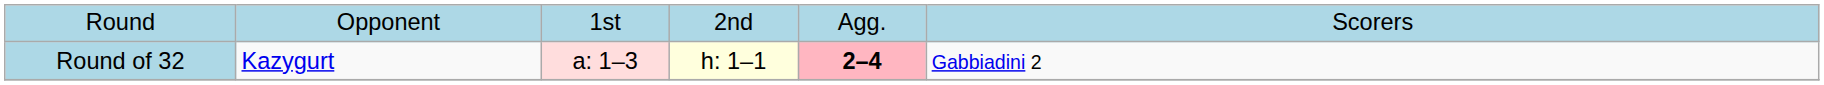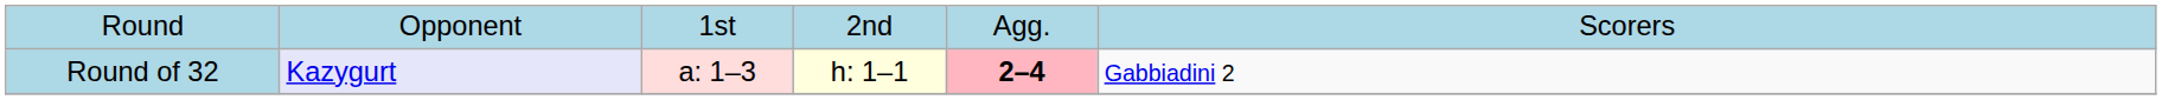 <table class="wikitable" style="text-align:center">
 <tr bgcolor=lightblue>
 <td width=150px>Round</td>
 <td width=200px>Opponent</td>
 <td width=80px>1st</td>
 <td width=80px>2nd</td>
 <td width=80px>Agg.</td>
 <td width=600px>Scorers</td>
 </tr>
 <tr>
 <td bgcolor=lightblue>Round of 32</td>
-<td align=left> <a href='#'>Kazygurt</a></td>
+<td align=left style="background: lavender;"> <a href='#'>Kazygurt</a></td>
 <td bgcolor="#ffdddd">a: 1–3</td>
 <td bgcolor="#ffffdd">h: 1–1</td>
 <td bgcolor=lightpink><strong>2–4</strong></td>
 <td align=left><small><a href='#'>Gabbiadini</a> 2</small></td>
 </tr>
 <tr>
 </tr>
 </table>
